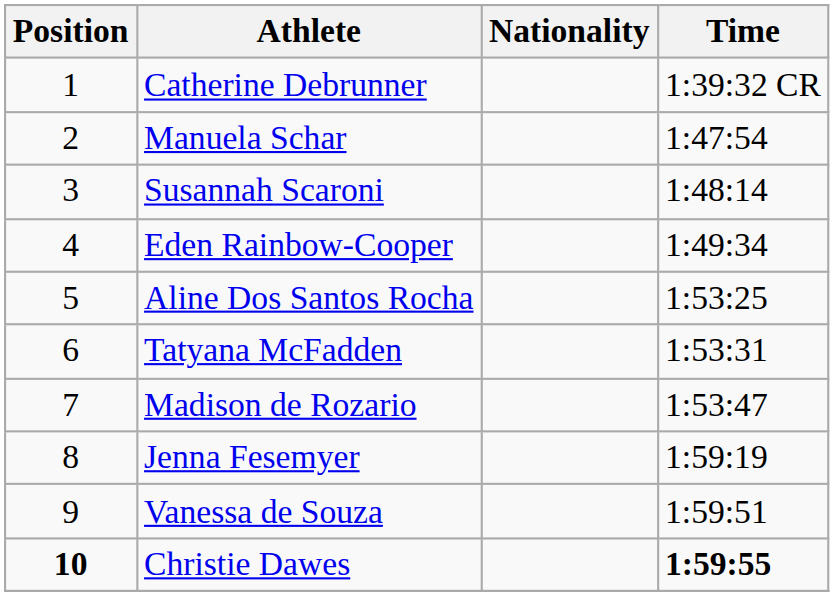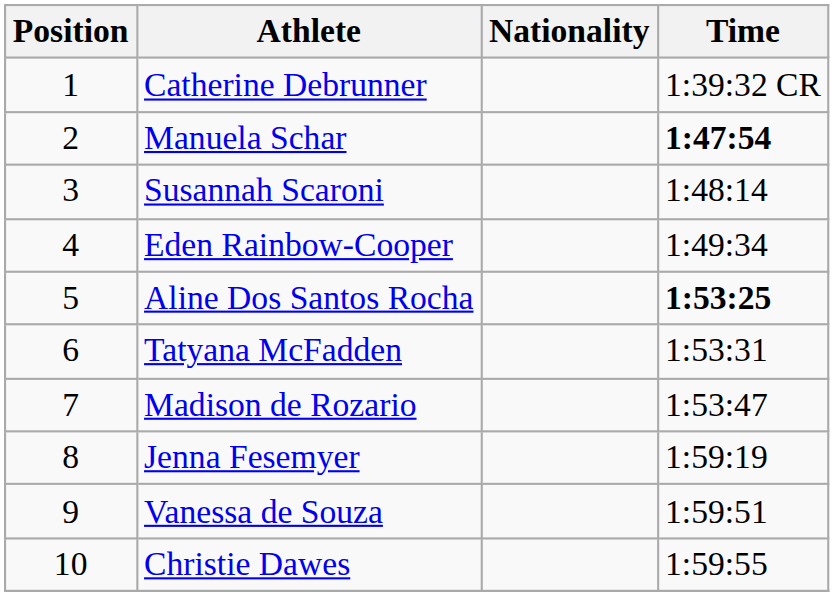 <table class="wikitable sortable">
 <tr>
 <th scope="col">Position</th>
 <th scope="col">Athlete</th>
 <th scope="col">Nationality</th>
 <th scope="col">Time</th>
 </tr>
 <tr>
 <td !scope=row align=center>1</td>
 <td><a href='#'>Catherine Debrunner</a></td>
 <td></td>
 <td>1:39:32 CR</td>
 </tr>
 <tr>
 <td !scope=row align=center>2</td>
 <td><a href='#'>Manuela Schar</a></td>
 <td></td>
-<td>1:47:54</td>
+<td><strong>1:47:54</strong></td>
 </tr>
 <tr>
 <td !scope=row align=center>3</td>
 <td><a href='#'>Susannah Scaroni</a></td>
 <td></td>
 <td>1:48:14</td>
 </tr>
 <tr>
 <td !scope=row align=center>4</td>
 <td><a href='#'>Eden Rainbow-Cooper</a></td>
 <td></td>
 <td>1:49:34</td>
 </tr>
 <tr>
 <td !scope=row align=center>5</td>
 <td><a href='#'>Aline Dos Santos Rocha</a></td>
 <td></td>
-<td>1:53:25</td>
+<td><strong>1:53:25</strong></td>
 </tr>
 <tr>
 <td !scope=row align=center>6</td>
 <td><a href='#'>Tatyana McFadden</a></td>
 <td></td>
 <td>1:53:31</td>
 </tr>
 <tr>
 <td !scope=row align=center>7</td>
 <td><a href='#'>Madison de Rozario</a></td>
 <td></td>
 <td>1:53:47</td>
 </tr>
 <tr>
 <td !scope=row align=center>8</td>
 <td><a href='#'>Jenna Fesemyer</a></td>
 <td></td>
 <td>1:59:19</td>
 </tr>
 <tr>
 <td !scope=row align=center>9</td>
 <td><a href='#'>Vanessa de Souza</a></td>
 <td></td>
 <td>1:59:51</td>
 </tr>
 <tr>
-<td !scope=row align=center><strong>10</strong></td>
+<td !scope=row align=center>10</td>
 <td><a href='#'>Christie Dawes</a></td>
 <td></td>
-<td><strong>1:59:55</strong></td>
+<td>1:59:55</td>
 </tr>
 <tr>
 </tr>
 </table>
